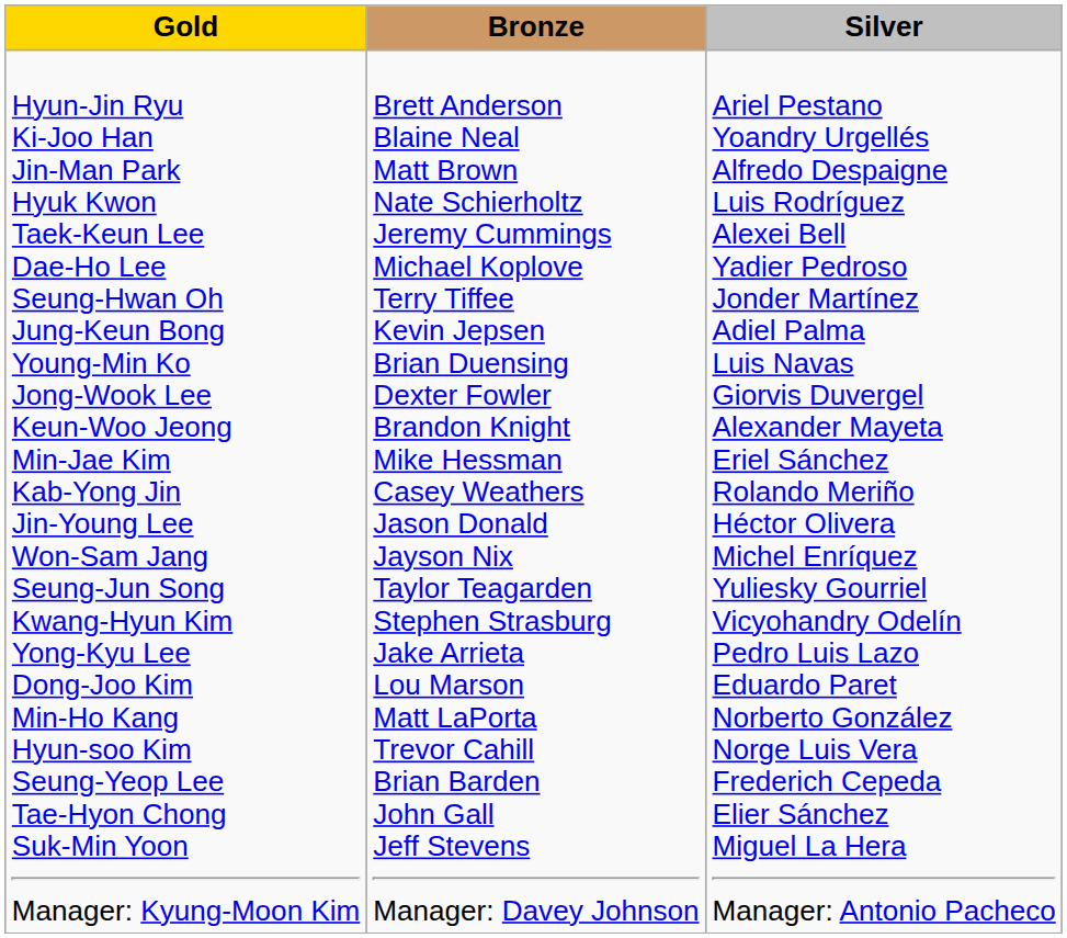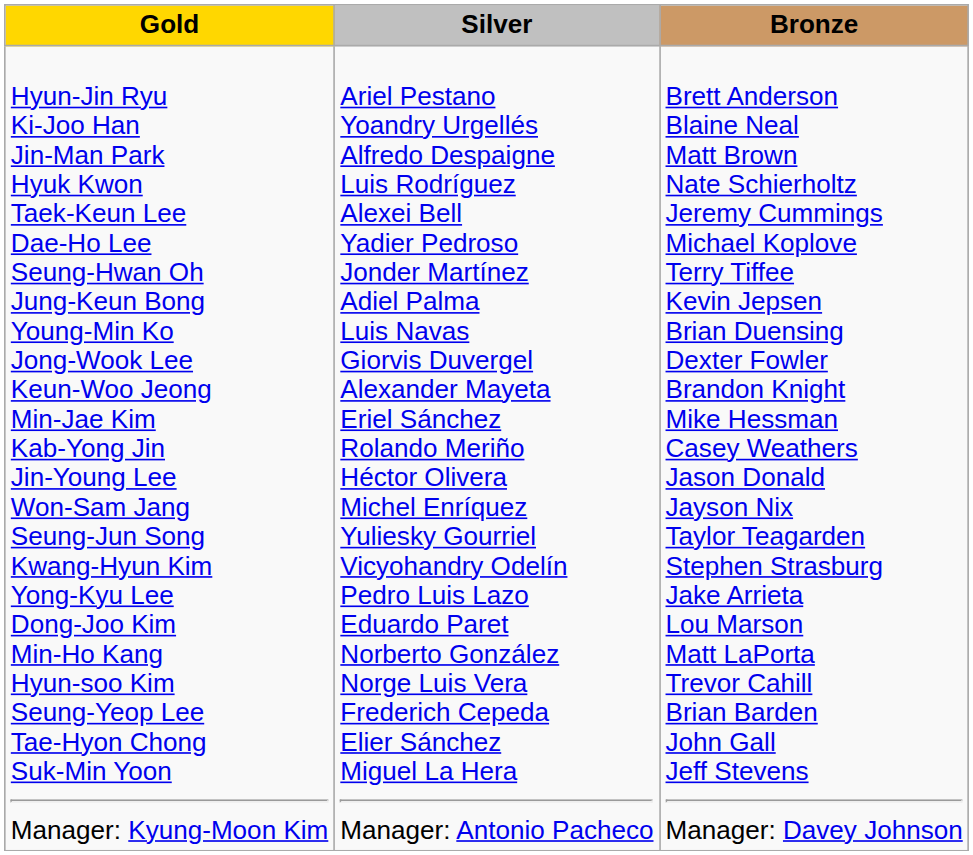 <table class="wikitable">
 <tr style="text-align:center;">
 <td style="background:gold;"><strong>Gold</strong></td>
+<td style="background:silver;"><strong>Silver</strong></td>
 <td style="background:#c96;"><strong>Bronze</strong></td>
-<td style="background:silver;"><strong>Silver</strong></td>
 </tr>
 <tr valign="top">
 <td><br><a href='#'>Hyun-Jin Ryu</a><br><a href='#'>Ki-Joo Han</a><br><a href='#'>Jin-Man Park</a><br><a href='#'>Hyuk Kwon</a><br><a href='#'>Taek-Keun Lee</a><br><a href='#'>Dae-Ho Lee</a><br><a href='#'>Seung-Hwan Oh</a><br><a href='#'>Jung-Keun Bong</a><br><a href='#'>Young-Min Ko</a><br><a href='#'>Jong-Wook Lee</a><br><a href='#'>Keun-Woo Jeong</a><br><a href='#'>Min-Jae Kim</a><br><a href='#'>Kab-Yong Jin</a><br><a href='#'>Jin-Young Lee</a><br><a href='#'>Won-Sam Jang</a><br><a href='#'>Seung-Jun Song</a><br><a href='#'>Kwang-Hyun Kim</a><br><a href='#'>Yong-Kyu Lee</a><br><a href='#'>Dong-Joo Kim</a><br><a href='#'>Min-Ho Kang</a><br><a href='#'>Hyun-soo Kim</a><br><a href='#'>Seung-Yeop Lee</a><br><a href='#'>Tae-Hyon Chong</a><br><a href='#'>Suk-Min Yoon</a><hr>Manager: <a href='#'>Kyung-Moon Kim</a></td>
+<td><br><a href='#'>Ariel Pestano</a><br><a href='#'>Yoandry Urgellés</a><br><a href='#'>Alfredo Despaigne</a><br><a href='#'>Luis Rodríguez</a><br><a href='#'>Alexei Bell</a><br><a href='#'>Yadier Pedroso</a><br><a href='#'>Jonder Martínez</a><br><a href='#'>Adiel Palma</a><br><a href='#'>Luis Navas</a><br><a href='#'>Giorvis Duvergel</a><br><a href='#'>Alexander Mayeta</a><br><a href='#'>Eriel Sánchez</a><br><a href='#'>Rolando Meriño</a><br><a href='#'>Héctor Olivera</a><br><a href='#'>Michel Enríquez</a><br><a href='#'>Yuliesky Gourriel</a><br><a href='#'>Vicyohandry Odelín</a><br><a href='#'>Pedro Luis Lazo</a><br><a href='#'>Eduardo Paret</a><br><a href='#'>Norberto González</a><br><a href='#'>Norge Luis Vera</a><br><a href='#'>Frederich Cepeda</a><br><a href='#'>Elier Sánchez</a><br><a href='#'>Miguel La Hera</a><hr>Manager: <a href='#'>Antonio Pacheco</a></td>
 <td><br><a href='#'>Brett Anderson</a><br><a href='#'>Blaine Neal</a><br><a href='#'>Matt Brown</a><br><a href='#'>Nate Schierholtz</a><br><a href='#'>Jeremy Cummings</a><br><a href='#'>Michael Koplove</a><br><a href='#'>Terry Tiffee</a><br><a href='#'>Kevin Jepsen</a><br><a href='#'>Brian Duensing</a><br><a href='#'>Dexter Fowler</a><br><a href='#'>Brandon Knight</a><br><a href='#'>Mike Hessman</a><br><a href='#'>Casey Weathers</a><br><a href='#'>Jason Donald</a><br><a href='#'>Jayson Nix</a><br><a href='#'>Taylor Teagarden</a><br><a href='#'>Stephen Strasburg</a><br><a href='#'>Jake Arrieta</a><br><a href='#'>Lou Marson</a><br><a href='#'>Matt LaPorta</a><br><a href='#'>Trevor Cahill</a><br><a href='#'>Brian Barden</a><br><a href='#'>John Gall</a><br><a href='#'>Jeff Stevens</a><hr>Manager: <a href='#'>Davey Johnson</a></td>
-<td><br><a href='#'>Ariel Pestano</a><br><a href='#'>Yoandry Urgellés</a><br><a href='#'>Alfredo Despaigne</a><br><a href='#'>Luis Rodríguez</a><br><a href='#'>Alexei Bell</a><br><a href='#'>Yadier Pedroso</a><br><a href='#'>Jonder Martínez</a><br><a href='#'>Adiel Palma</a><br><a href='#'>Luis Navas</a><br><a href='#'>Giorvis Duvergel</a><br><a href='#'>Alexander Mayeta</a><br><a href='#'>Eriel Sánchez</a><br><a href='#'>Rolando Meriño</a><br><a href='#'>Héctor Olivera</a><br><a href='#'>Michel Enríquez</a><br><a href='#'>Yuliesky Gourriel</a><br><a href='#'>Vicyohandry Odelín</a><br><a href='#'>Pedro Luis Lazo</a><br><a href='#'>Eduardo Paret</a><br><a href='#'>Norberto González</a><br><a href='#'>Norge Luis Vera</a><br><a href='#'>Frederich Cepeda</a><br><a href='#'>Elier Sánchez</a><br><a href='#'>Miguel La Hera</a><hr>Manager: <a href='#'>Antonio Pacheco</a></td>
 </tr>
 </table>
